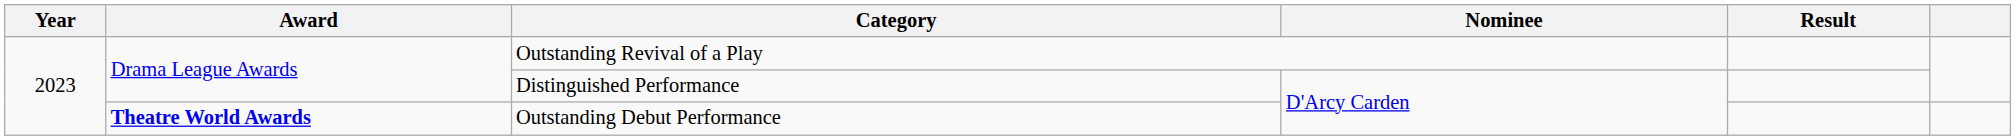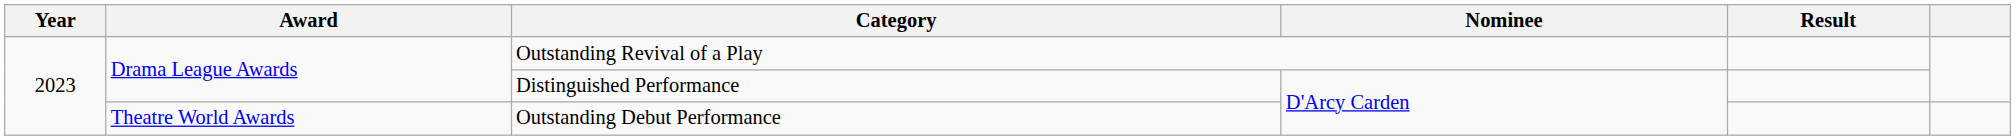 <table class="wikitable sortable" style="width: 99%;">
 <tr>
 <th scope="col" style="width:5%;">Year</th>
 <th scope="col" style="width:20%;">Award</th>
 <th scope="col" style="width:38%;">Category</th>
 <th scope="col" style="width:22%;">Nominee</th>
 <th scope="col" style="width:10%;">Result</th>
 <th scope="col" class="unsortable" style="width:4%;"></th>
 </tr>
 <tr>
 <td rowspan="3" style="text-align:center;">2023</td>
 <td rowspan="2"><a href='#'>Drama League Awards</a></td>
 <td colspan="2">Outstanding Revival of a Play</td>
 <td></td>
 <td rowspan="2"></td>
 </tr>
 <tr>
 <td>Distinguished Performance</td>
 <td rowspan="2"><a href='#'>D'Arcy Carden</a></td>
 <td></td>
 </tr>
 <tr>
-<td><strong><a href='#'>Theatre World Awards</a></strong></td>
+<td><a href='#'>Theatre World Awards</a></td>
 <td>Outstanding Debut Performance</td>
 <td></td>
 <td></td>
 </tr>
 </table>
